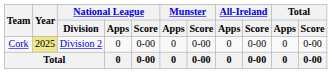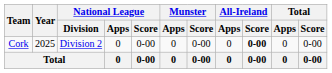 <table class="wikitable" style="text-align:center">
 <tr>
 <th rowspan="2">Team</th>
 <th rowspan="2">Year</th>
 <th colspan="3"><a href='#'>National League</a></th>
 <th colspan="2"><a href='#'>Munster</a></th>
 <th colspan="2"><a href='#'>All-Ireland</a></th>
 <th colspan="2">Total</th>
 </tr>
 <tr>
 <th>Division</th>
 <th>Apps</th>
 <th>Score</th>
 <th>Apps</th>
 <th>Score</th>
 <th>Apps</th>
 <th>Score</th>
 <th>Apps</th>
 <th>Score</th>
 </tr>
 <tr>
 <td rowspan="1"><a href='#'>Cork</a></td>
-<td style="background: khaki;">2025</td>
+<td>2025</td>
 <td rowspan="1"><a href='#'>Division 2</a></td>
 <td>0</td>
 <td>0-00</td>
 <td>0</td>
 <td>0-00</td>
 <td>0</td>
-<td>0-00</td>
+<td><strong>0-00</strong></td>
 <td>0</td>
 <td>0-00</td>
 </tr>
 <tr>
 <th colspan="3">Total</th>
 <th>0</th>
 <th>0-00</th>
 <th>0</th>
 <th>0-00</th>
 <th>0</th>
 <th>0-00</th>
 <th>0</th>
 <th>0-00</th>
 </tr>
 </table>
